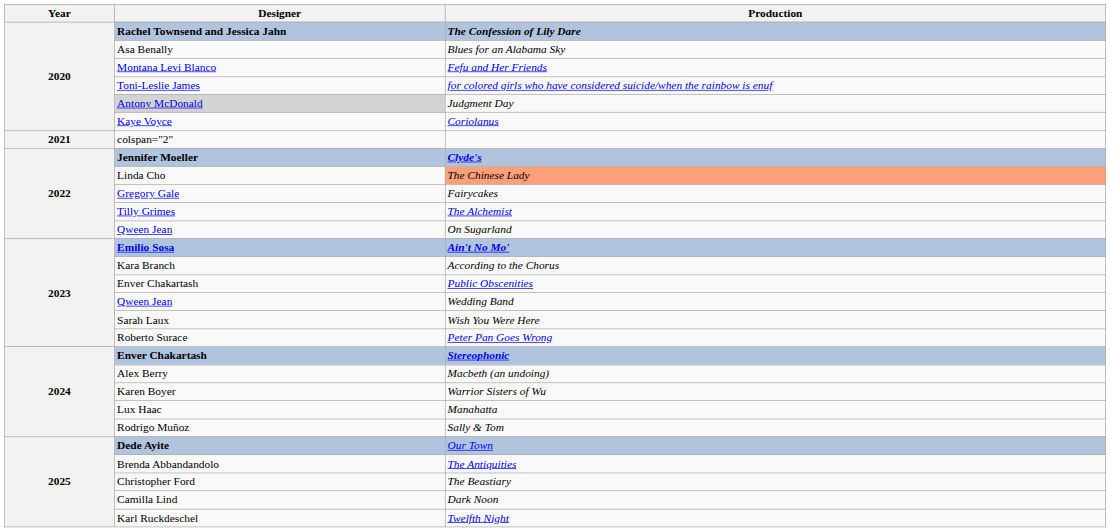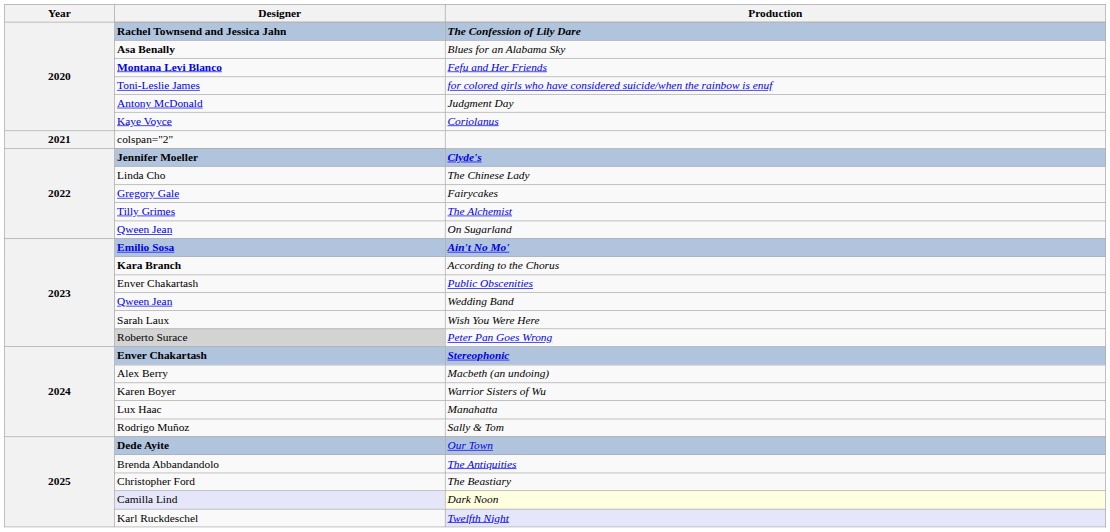 <table class="wikitable" style="width:98%;">
 <tr style="background:#bebebe;">
 <th style="width:10%;">Year</th>
 <th style="width:30%;">Designer</th>
 <th style="width:60%;">Production</th>
 </tr>
 <tr>
 <th rowspan="7">2020</th>
 </tr>
 <tr style="background:#B0C4DE">
 <td><strong>Rachel Townsend and Jessica Jahn</strong></td>
 <td><strong><em>The Confession of Lily Dare</em></strong></td>
 </tr>
 <tr>
-<td>Asa Benally</td>
+<td><strong>Asa Benally</strong></td>
 <td><em>Blues for an Alabama Sky</em></td>
 </tr>
 <tr>
-<td><a href='#'>Montana Levi Blanco</a></td>
+<td><strong><a href='#'>Montana Levi Blanco</a></strong></td>
 <td><em><a href='#'>Fefu and Her Friends</a></em></td>
 </tr>
 <tr>
 <td><a href='#'>Toni-Leslie James</a></td>
 <td><em><a href='#'>for colored girls who have considered suicide/when the rainbow is enuf</a></em></td>
 </tr>
 <tr>
-<td style="background: lightgrey;"><a href='#'>Antony McDonald</a></td>
+<td><a href='#'>Antony McDonald</a></td>
 <td><em>Judgment Day</em></td>
 </tr>
 <tr>
 <td><a href='#'>Kaye Voyce</a></td>
 <td><em><a href='#'>Coriolanus</a></em></td>
 </tr>
 <tr>
 <th>2021</th>
 <td>colspan="2" </td>
 </tr>
 <tr>
 <th rowspan="6">2022</th>
 </tr>
 <tr style="background:#B0C4DE">
 <td><strong>Jennifer Moeller</strong></td>
 <td><strong><em><a href='#'>Clyde's</a></em></strong></td>
 </tr>
 <tr>
 <td>Linda Cho</td>
-<td style="background: lightsalmon;"><em>The Chinese Lady</em></td>
+<td><em>The Chinese Lady</em></td>
 </tr>
 <tr>
 <td><a href='#'>Gregory Gale</a></td>
 <td><em>Fairycakes</em></td>
 </tr>
 <tr>
 <td><a href='#'>Tilly Grimes</a></td>
 <td><em><a href='#'>The Alchemist</a></em></td>
 </tr>
 <tr>
 <td><a href='#'>Qween Jean</a></td>
 <td><em>On Sugarland</em></td>
 </tr>
 <tr style="background:#B0C4DE">
 <th rowspan="6">2023</th>
 <td><strong><a href='#'>Emilio Sosa</a></strong></td>
 <td><strong><em><a href='#'>Ain't No Mo'</a></em></strong></td>
 </tr>
 <tr>
-<td>Kara Branch</td>
+<td><strong>Kara Branch</strong></td>
 <td><em>According to the Chorus</em></td>
 </tr>
 <tr>
 <td>Enver Chakartash</td>
 <td><em><a href='#'>Public Obscenities</a></em></td>
 </tr>
 <tr>
 <td><a href='#'>Qween Jean</a></td>
 <td><em>Wedding Band</em></td>
 </tr>
 <tr>
 <td>Sarah Laux</td>
 <td><em>Wish You Were Here</em></td>
 </tr>
 <tr>
-<td>Roberto Surace</td>
+<td style="background: lightgrey;">Roberto Surace</td>
 <td><em><a href='#'>Peter Pan Goes Wrong</a></em></td>
 </tr>
 <tr style="background:#B0C4DE">
 <th rowspan="5">2024</th>
 <td><strong>Enver Chakartash</strong></td>
 <td><strong><em><a href='#'>Stereophonic</a></em></strong></td>
 </tr>
 <tr>
 <td>Alex Berry</td>
 <td><em>Macbeth (an undoing)</em></td>
 </tr>
 <tr>
 <td>Karen Boyer</td>
 <td><em>Warrior Sisters of Wu</em></td>
 </tr>
 <tr>
 <td>Lux Haac</td>
 <td><em>Manahatta</em></td>
 </tr>
 <tr>
 <td>Rodrigo Muñoz</td>
 <td><em>Sally & Tom</em></td>
 </tr>
 <tr>
 <th rowspan=6>2025</th>
 </tr>
 <tr style="background:#B0C4DE">
 <td><strong>Dede Ayite</strong></td>
 <td><em><a href='#'>Our Town</a></em></td>
 </tr>
 <tr>
 <td>Brenda Abbandandolo</td>
 <td><em><a href='#'>The Antiquities</a></em></td>
 </tr>
 <tr>
 <td>Christopher Ford</td>
 <td><em>The Beastiary</em></td>
 </tr>
 <tr>
-<td>Camilla Lind</td>
-<td><em>Dark Noon</em></td>
+<td style="background: lavender;">Camilla Lind</td>
+<td style="background: lightyellow;"><em>Dark Noon</em></td>
 </tr>
 <tr>
 <td>Karl Ruckdeschel</td>
-<td><em><a href='#'>Twelfth Night</a></em></td>
+<td style="background: lavender;"><em><a href='#'>Twelfth Night</a></em></td>
 </tr>
 </table>
